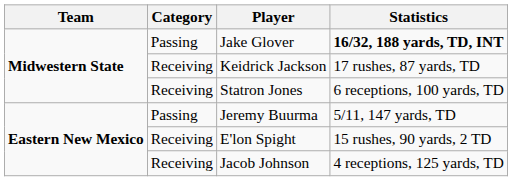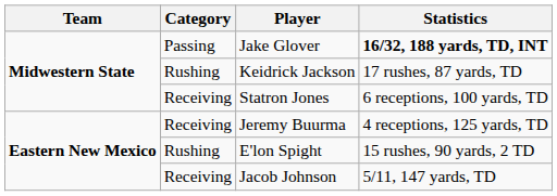 <table class="wikitable" style="float: left;">
 <tr>
 <th>Team</th>
 <th>Category</th>
 <th>Player</th>
 <th>Statistics</th>
 </tr>
 <tr>
 <td rowspan=3><strong>Midwestern State</strong></td>
 <td>Passing</td>
 <td>Jake Glover</td>
 <td><strong>16/32, 188 yards, TD, INT</strong></td>
 </tr>
 <tr>
-<td>Receiving</td>
+<td>Rushing</td>
 <td>Keidrick Jackson</td>
 <td>17 rushes, 87 yards, TD</td>
 </tr>
 <tr>
 <td>Receiving</td>
 <td>Statron Jones</td>
 <td>6 receptions, 100 yards, TD</td>
 </tr>
 <tr>
 <td rowspan=3><strong>Eastern New Mexico</strong></td>
-<td>Passing</td>
+<td>Receiving</td>
 <td>Jeremy Buurma</td>
-<td>5/11, 147 yards, TD</td>
+<td>4 receptions, 125 yards, TD</td>
 </tr>
 <tr>
-<td>Receiving</td>
+<td>Rushing</td>
 <td>E'lon Spight</td>
 <td>15 rushes, 90 yards, 2 TD</td>
 </tr>
 <tr>
 <td>Receiving</td>
 <td>Jacob Johnson</td>
-<td>4 receptions, 125 yards, TD</td>
+<td>5/11, 147 yards, TD</td>
 </tr>
 </table>
